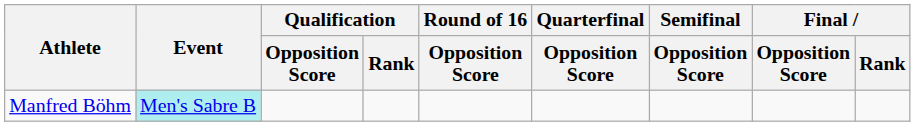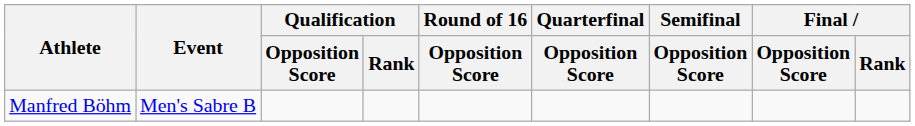 <table class=wikitable>
 <tr>
 <th rowspan="2">Athlete</th>
 <th rowspan="2">Event</th>
 <th colspan="2">Qualification</th>
 <th>Round of 16</th>
 <th>Quarterfinal</th>
 <th>Semifinal</th>
 <th colspan="2">Final / </th>
 </tr>
 <tr>
 <th>Opposition<br>Score</th>
 <th>Rank</th>
 <th>Opposition<br>Score</th>
 <th>Opposition<br>Score</th>
 <th>Opposition<br>Score</th>
 <th>Opposition<br>Score</th>
 <th>Rank</th>
 </tr>
 <tr>
 <td><a href='#'>Manfred Böhm</a></td>
-<td style="background: paleturquoise;"><a href='#'>Men's Sabre B</a></td>
+<td><a href='#'>Men's Sabre B</a></td>
 <td></td>
 <td></td>
 <td></td>
 <td></td>
 <td></td>
 <td></td>
 <td></td>
 </tr>
 </table>
